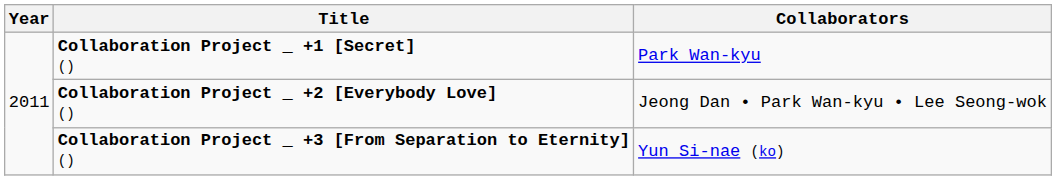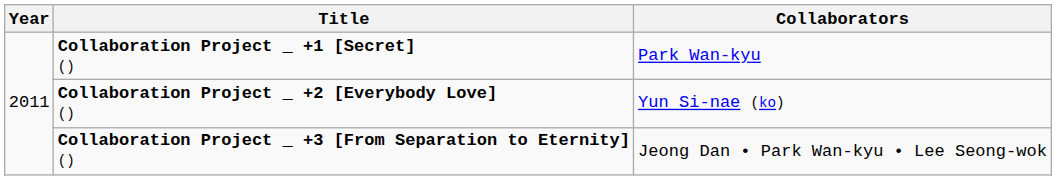 <table class="wikitable">
 <tr>
 <th>Year</th>
 <th>Title</th>
 <th>Collaborators</th>
 </tr>
 <tr>
 <td rowspan="3">2011</td>
 <td><strong>Collaboration Project _ +1 [Secret]</strong><br><small>()</small></td>
 <td><a href='#'>Park Wan-kyu</a></td>
 </tr>
 <tr>
 <td><strong>Collaboration Project _ +2 [Everybody Love]</strong><br><small>()</small></td>
-<td>Jeong Dan • Park Wan-kyu • Lee Seong-wok</td>
+<td><a href='#'>Yun Si-nae</a> <small>(<a href='#'>ko</a>)</small></td>
 </tr>
 <tr>
 <td><strong>Collaboration Project _ +3 [From Separation to Eternity]</strong><br><small>()</small></td>
-<td><a href='#'>Yun Si-nae</a> <small>(<a href='#'>ko</a>)</small></td>
+<td>Jeong Dan • Park Wan-kyu • Lee Seong-wok</td>
 </tr>
 </table>
